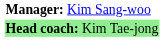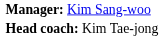 <table>
 <tr>
 <td><strong>Manager:</strong>  <a href='#'>Kim Sang-woo</a></td>
 </tr>
 <tr>
-<td style="background: lightgreen;"><strong>Head coach:</strong>  Kim Tae-jong</td>
+<td><strong>Head coach:</strong>  Kim Tae-jong</td>
 </tr>
 </table>
